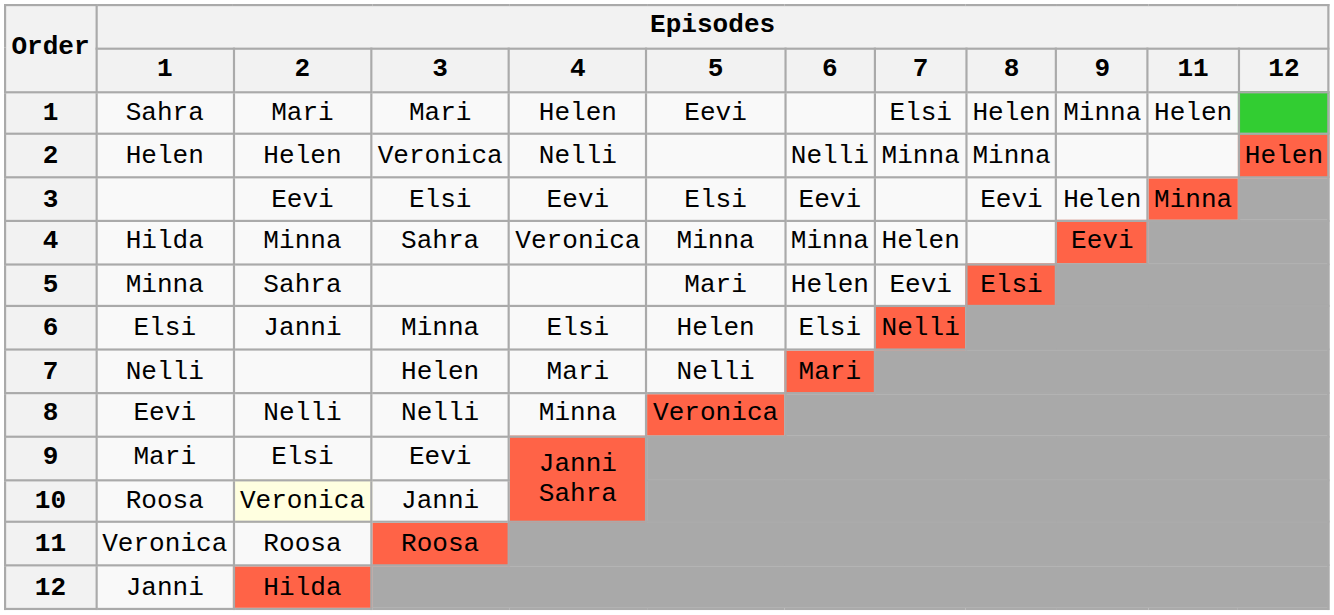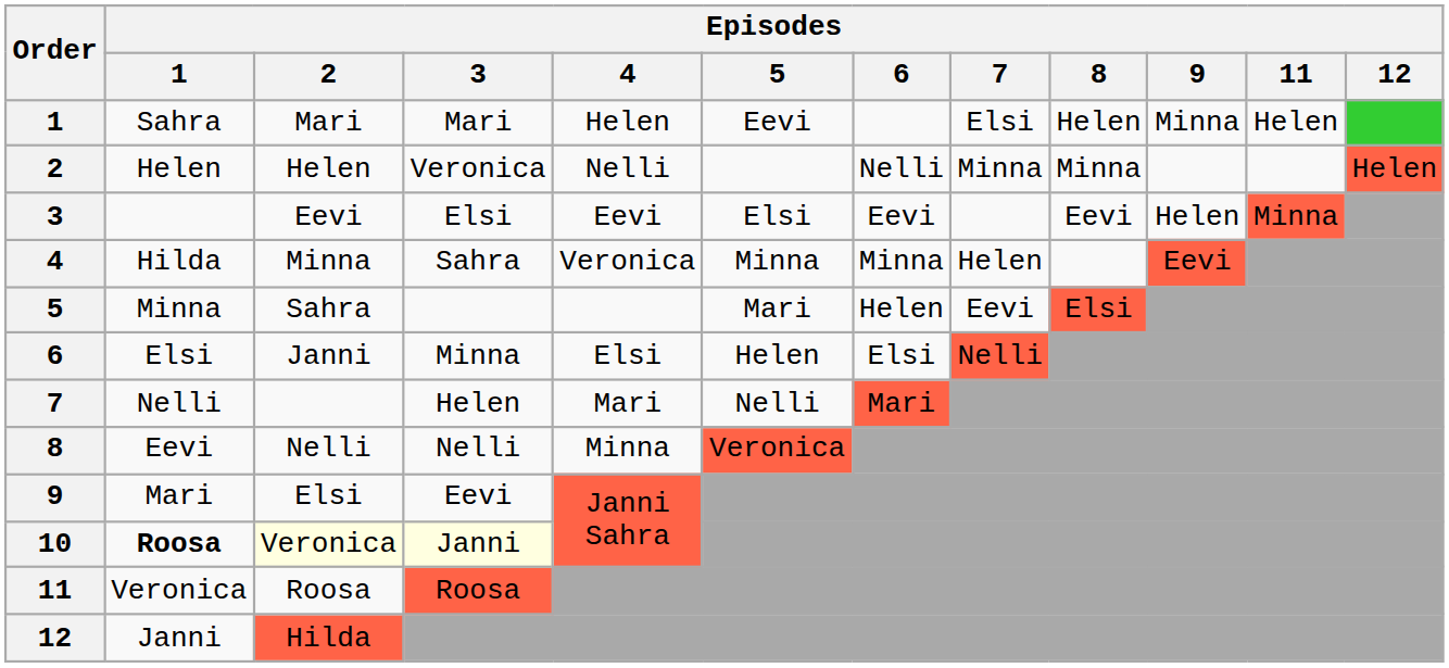 <table class="wikitable" style="text-align:center; font-size:92%">
 <tr>
 <th rowspan=2>Order</th>
 <th colspan=12>Episodes</th>
 </tr>
 <tr>
 <th>1</th>
 <th>2</th>
 <th>3</th>
 <th>4</th>
 <th>5</th>
 <th>6</th>
 <th>7</th>
 <th>8</th>
 <th>9</th>
 <th>11</th>
 <th>12</th>
 </tr>
 <tr>
 <th>1</th>
 <td>Sahra</td>
 <td>Mari</td>
 <td>Mari</td>
 <td>Helen</td>
 <td>Eevi</td>
 <td></td>
 <td>Elsi</td>
 <td>Helen</td>
 <td>Minna</td>
 <td>Helen</td>
 <td bgcolor="limegreen"></td>
 </tr>
 <tr>
 <th>2</th>
 <td>Helen</td>
 <td>Helen</td>
 <td>Veronica</td>
 <td>Nelli</td>
 <td></td>
 <td>Nelli</td>
 <td>Minna</td>
 <td>Minna</td>
 <td></td>
 <td></td>
 <td bgcolor="tomato">Helen</td>
 </tr>
 <tr>
 <th>3</th>
 <td></td>
 <td>Eevi</td>
 <td>Elsi</td>
 <td>Eevi</td>
 <td>Elsi</td>
 <td>Eevi</td>
 <td></td>
 <td>Eevi</td>
 <td>Helen</td>
 <td bgcolor="tomato">Minna</td>
 <td bgcolor="darkgray" colspan=1></td>
 </tr>
 <tr>
 <th>4</th>
 <td>Hilda</td>
 <td>Minna</td>
 <td>Sahra</td>
 <td>Veronica</td>
 <td>Minna</td>
 <td>Minna</td>
 <td>Helen</td>
 <td></td>
 <td bgcolor="tomato">Eevi</td>
 <td bgcolor="darkgray" colspan=2></td>
 </tr>
 <tr>
 <th>5</th>
 <td>Minna</td>
 <td>Sahra</td>
 <td></td>
 <td></td>
 <td>Mari</td>
 <td>Helen</td>
 <td>Eevi</td>
 <td bgcolor="tomato">Elsi</td>
 <td bgcolor="darkgray" colspan=3></td>
 </tr>
 <tr>
 <th>6</th>
 <td>Elsi</td>
 <td>Janni</td>
 <td>Minna</td>
 <td>Elsi</td>
 <td>Helen</td>
 <td>Elsi</td>
 <td bgcolor="tomato">Nelli</td>
 <td bgcolor="darkgray" colspan=4></td>
 </tr>
 <tr>
 <th>7</th>
 <td>Nelli</td>
 <td></td>
 <td>Helen</td>
 <td>Mari</td>
 <td>Nelli</td>
 <td bgcolor="tomato">Mari</td>
 <td bgcolor="darkgray" colspan=5></td>
 </tr>
 <tr>
 <th>8</th>
 <td>Eevi</td>
 <td>Nelli</td>
 <td>Nelli</td>
 <td>Minna</td>
 <td bgcolor="tomato">Veronica</td>
 <td bgcolor="darkgray" colspan=6></td>
 </tr>
 <tr>
 <th>9</th>
 <td>Mari</td>
 <td>Elsi</td>
 <td>Eevi</td>
 <td style="background:tomato;" rowspan="2">Janni<br>Sahra</td>
 <td bgcolor="darkgray" colspan=7></td>
 </tr>
 <tr>
 <th>10</th>
-<td>Roosa</td>
+<td><strong>Roosa</strong></td>
 <td style="background: lightyellow;">Veronica</td>
-<td>Janni</td>
+<td style="background: lightyellow;">Janni</td>
 <td bgcolor="darkgray" colspan=7></td>
 </tr>
 <tr>
 <th>11</th>
 <td>Veronica</td>
 <td>Roosa</td>
 <td bgcolor="tomato">Roosa</td>
 <td width="60" bgcolor="darkgray" colspan=8></td>
 </tr>
 <tr>
 <th>12</th>
 <td>Janni</td>
 <td bgcolor="tomato">Hilda</td>
 <td width="60" bgcolor="darkgray" colspan=9></td>
 </tr>
 </table>
